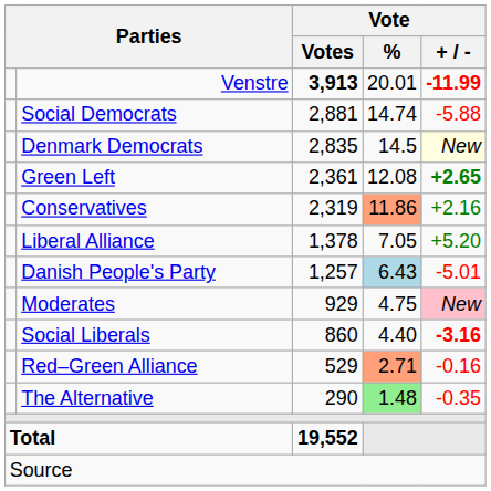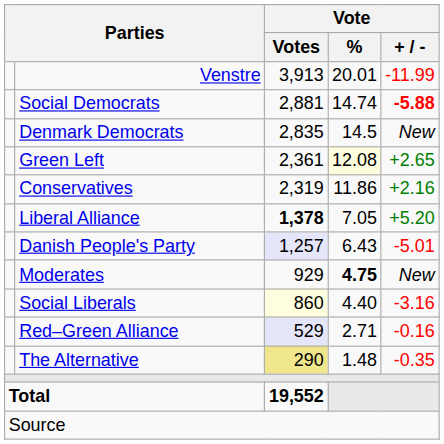 <table class="wikitable" style="text-align:right;">
 <tr>
 <th style="text-align:centre;" rowspan="2" colspan="2" width="225">Parties</th>
 <th colspan="3">Vote</th>
 </tr>
 <tr>
 <th width="15">Votes</th>
 <th width="15">%</th>
 <th width="15">+ / -</th>
 </tr>
 <tr>
 <td width=2 bgcolor=></td>
 <td><a href='#'>Venstre</a></td>
-<td><strong>3,913</strong></td>
+<td>3,913</td>
 <td>20.01</td>
-<td style=color:red;><strong>-11.99</strong></td>
+<td style=color:red;>-11.99</td>
 </tr>
 <tr>
 <td width=2 bgcolor=></td>
 <td align=left><a href='#'>Social Democrats</a></td>
 <td>2,881</td>
 <td>14.74</td>
-<td style=color:red;>-5.88</td>
+<td style=color:red;><strong>-5.88</strong></td>
 </tr>
 <tr>
 <td width=2 bgcolor=></td>
 <td align=left><a href='#'>Denmark Democrats</a></td>
 <td>2,835</td>
 <td>14.5</td>
-<td style="background: lightyellow;"><em>New</em></td>
+<td><em>New</em></td>
 </tr>
 <tr>
 <td width=2 bgcolor=></td>
 <td align=left><a href='#'>Green Left</a></td>
 <td>2,361</td>
-<td>12.08</td>
-<td style=color:green;><strong>+2.65</strong></td>
+<td style="background: lightyellow;">12.08</td>
+<td style=color:green;>+2.65</td>
 </tr>
 <tr>
 <td width=2 bgcolor=></td>
 <td align=left><a href='#'>Conservatives</a></td>
 <td>2,319</td>
-<td style="background: lightsalmon;">11.86</td>
+<td>11.86</td>
 <td style=color:green;>+2.16</td>
 </tr>
 <tr>
 <td width=2 bgcolor=></td>
 <td align=left><a href='#'>Liberal Alliance</a></td>
-<td>1,378</td>
+<td><strong>1,378</strong></td>
 <td>7.05</td>
 <td style=color:green;>+5.20</td>
 </tr>
 <tr>
 <td width=2 bgcolor=></td>
 <td align=left><a href='#'>Danish People's Party</a></td>
-<td>1,257</td>
-<td style="background: lightblue;">6.43</td>
+<td style="background: lavender;">1,257</td>
+<td>6.43</td>
 <td style=color:red;>-5.01</td>
 </tr>
 <tr>
 <td width=2 bgcolor=></td>
 <td align=left><a href='#'>Moderates</a></td>
 <td>929</td>
-<td>4.75</td>
-<td style="background: pink;"><em>New</em></td>
+<td><strong>4.75</strong></td>
+<td><em>New</em></td>
 </tr>
 <tr>
 <td width=2 bgcolor=></td>
 <td align=left><a href='#'>Social Liberals</a></td>
-<td>860</td>
+<td style="background: lightyellow;">860</td>
 <td>4.40</td>
-<td style=color:red;><strong>-3.16</strong></td>
+<td style=color:red;>-3.16</td>
 </tr>
 <tr>
 <td width=2 bgcolor=></td>
 <td align=left><a href='#'>Red–Green Alliance</a></td>
-<td>529</td>
-<td style="background: lightsalmon;">2.71</td>
+<td style="background: lavender;">529</td>
+<td>2.71</td>
 <td style=color:red;>-0.16</td>
 </tr>
 <tr>
 <td width=2 bgcolor=></td>
 <td align=left><a href='#'>The Alternative</a></td>
-<td>290</td>
-<td style="background: lightgreen;">1.48</td>
+<td style="background: khaki;">290</td>
+<td>1.48</td>
 <td style=color:red;>-0.35</td>
 </tr>
 <tr>
 <td colspan="7" bgcolor="#E9E9E9"></td>
 </tr>
 <tr>
 <td align="left" colspan="2"><strong>Total</strong></td>
 <td><strong>19,552</strong></td>
 <td bgcolor=#E9E9E9 colspan=2></td>
 </tr>
 <tr>
 <td align="left" colspan="6">Source</td>
 </tr>
 </table>
